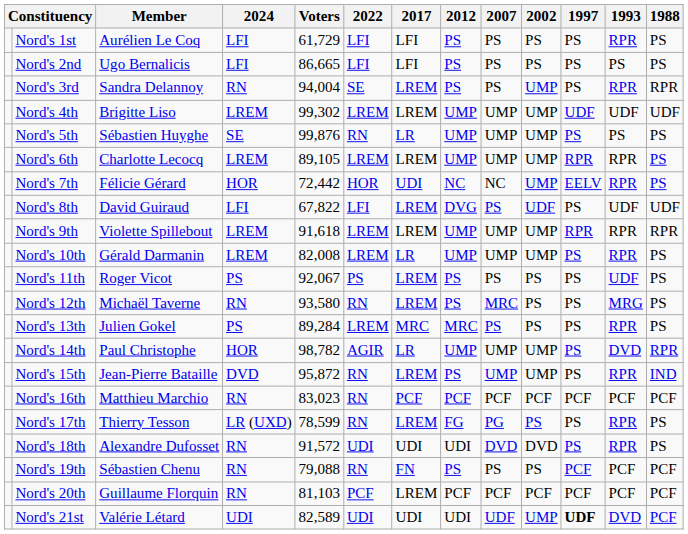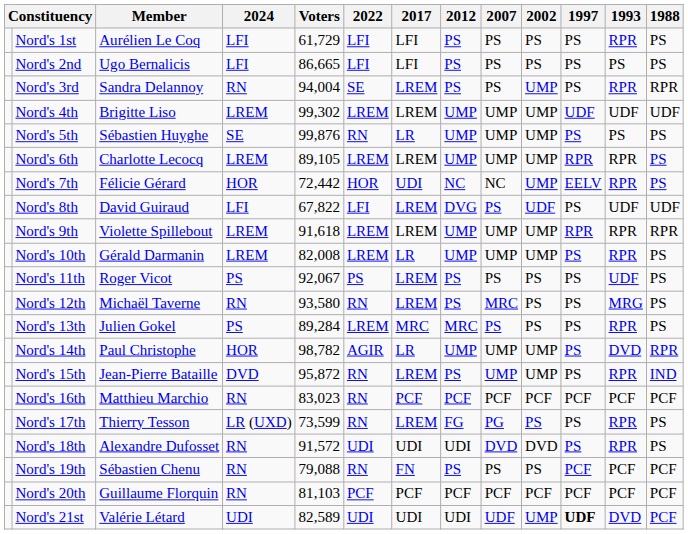 <table class="wikitable sortable">
 <tr>
 <th colspan="2">Constituency</th>
 <th>Member</th>
 <th>2024</th>
 <th>Voters</th>
 <th>2022</th>
 <th>2017</th>
 <th>2012</th>
 <th>2007</th>
 <th>2002</th>
 <th>1997</th>
 <th>1993</th>
 <th>1988</th>
 </tr>
 <tr>
 <td style="background-color: "></td>
 <td><a href='#'>Nord's 1st</a></td>
 <td><a href='#'>Aurélien Le Coq</a></td>
 <td><a href='#'>LFI</a></td>
 <td>61,729</td>
 <td><a href='#'>LFI</a></td>
 <td>LFI</td>
 <td><a href='#'>PS</a></td>
 <td>PS</td>
 <td>PS</td>
 <td>PS</td>
 <td><a href='#'>RPR</a></td>
 <td>PS</td>
 </tr>
 <tr>
 <td style="background-color: "></td>
 <td><a href='#'>Nord's 2nd</a></td>
 <td><a href='#'>Ugo Bernalicis</a></td>
 <td><a href='#'>LFI</a></td>
 <td>86,665</td>
 <td><a href='#'>LFI</a></td>
 <td>LFI</td>
 <td><a href='#'>PS</a></td>
 <td>PS</td>
 <td>PS</td>
 <td>PS</td>
 <td>PS</td>
 <td>PS</td>
 </tr>
 <tr>
 <td style="background-color: "></td>
 <td><a href='#'>Nord's 3rd</a></td>
 <td><a href='#'>Sandra Delannoy</a></td>
 <td><a href='#'>RN</a></td>
 <td>94,004</td>
 <td><a href='#'>SE</a></td>
 <td><a href='#'>LREM</a></td>
 <td><a href='#'>PS</a></td>
 <td>PS</td>
 <td><a href='#'>UMP</a></td>
 <td>PS</td>
 <td><a href='#'>RPR</a></td>
 <td>RPR</td>
 </tr>
 <tr>
 <td style="background-color: "></td>
 <td><a href='#'>Nord's 4th</a></td>
 <td><a href='#'>Brigitte Liso</a></td>
 <td><a href='#'>LREM</a></td>
 <td>99,302</td>
 <td><a href='#'>LREM</a></td>
 <td>LREM</td>
 <td><a href='#'>UMP</a></td>
 <td>UMP</td>
 <td>UMP</td>
 <td><a href='#'>UDF</a></td>
 <td>UDF</td>
 <td>UDF</td>
 </tr>
 <tr>
 <td style="background-color: "></td>
 <td><a href='#'>Nord's 5th</a></td>
 <td><a href='#'>Sébastien Huyghe</a></td>
 <td><a href='#'>SE</a></td>
 <td>99,876</td>
 <td><a href='#'>RN</a></td>
 <td><a href='#'>LR</a></td>
 <td><a href='#'>UMP</a></td>
 <td>UMP</td>
 <td>UMP</td>
 <td><a href='#'>PS</a></td>
 <td>PS</td>
 <td>PS</td>
 </tr>
 <tr>
 <td style="background-color: "></td>
 <td><a href='#'>Nord's 6th</a></td>
 <td><a href='#'>Charlotte Lecocq</a></td>
 <td><a href='#'>LREM</a></td>
 <td>89,105</td>
 <td><a href='#'>LREM</a></td>
 <td>LREM</td>
 <td><a href='#'>UMP</a></td>
 <td>UMP</td>
 <td>UMP</td>
 <td><a href='#'>RPR</a></td>
 <td>RPR</td>
 <td><a href='#'>PS</a></td>
 </tr>
 <tr>
 <td style="background-color: "></td>
 <td><a href='#'>Nord's 7th</a></td>
 <td><a href='#'>Félicie Gérard</a></td>
 <td><a href='#'>HOR</a></td>
 <td>72,442</td>
 <td><a href='#'>HOR</a></td>
 <td><a href='#'>UDI</a></td>
 <td><a href='#'>NC</a></td>
 <td>NC</td>
 <td><a href='#'>UMP</a></td>
 <td><a href='#'>EELV</a></td>
 <td><a href='#'>RPR</a></td>
 <td><a href='#'>PS</a></td>
 </tr>
 <tr>
 <td style="background-color: "></td>
 <td><a href='#'>Nord's 8th</a></td>
 <td><a href='#'>David Guiraud</a></td>
 <td><a href='#'>LFI</a></td>
 <td>67,822</td>
 <td><a href='#'>LFI</a></td>
 <td><a href='#'>LREM</a></td>
 <td><a href='#'>DVG</a></td>
 <td><a href='#'>PS</a></td>
 <td><a href='#'>UDF</a></td>
 <td>PS</td>
 <td>UDF</td>
 <td>UDF</td>
 </tr>
 <tr>
 <td style="background-color: "></td>
 <td><a href='#'>Nord's 9th</a></td>
 <td><a href='#'>Violette Spillebout</a></td>
 <td><a href='#'>LREM</a></td>
 <td>91,618</td>
 <td><a href='#'>LREM</a></td>
 <td>LREM</td>
 <td><a href='#'>UMP</a></td>
 <td>UMP</td>
 <td>UMP</td>
 <td><a href='#'>RPR</a></td>
 <td>RPR</td>
 <td>RPR</td>
 </tr>
 <tr>
 <td style="background-color: "></td>
 <td><a href='#'>Nord's 10th</a></td>
 <td><a href='#'>Gérald Darmanin</a></td>
 <td><a href='#'>LREM</a></td>
 <td>82,008</td>
 <td><a href='#'>LREM</a></td>
 <td><a href='#'>LR</a></td>
 <td><a href='#'>UMP</a></td>
 <td>UMP</td>
 <td>UMP</td>
 <td><a href='#'>PS</a></td>
 <td><a href='#'>RPR</a></td>
 <td>PS</td>
 </tr>
 <tr>
 <td style="background-color: "></td>
 <td><a href='#'>Nord's 11th</a></td>
 <td><a href='#'>Roger Vicot</a></td>
 <td><a href='#'>PS</a></td>
 <td>92,067</td>
 <td><a href='#'>PS</a></td>
 <td><a href='#'>LREM</a></td>
 <td><a href='#'>PS</a></td>
 <td>PS</td>
 <td>PS</td>
 <td>PS</td>
 <td><a href='#'>UDF</a></td>
 <td>PS</td>
 </tr>
 <tr>
 <td style="background-color: "></td>
 <td><a href='#'>Nord's 12th</a></td>
 <td><a href='#'>Michaël Taverne</a></td>
 <td><a href='#'>RN</a></td>
 <td>93,580</td>
 <td><a href='#'>RN</a></td>
 <td><a href='#'>LREM</a></td>
 <td><a href='#'>PS</a></td>
 <td><a href='#'>MRC</a></td>
 <td>PS</td>
 <td>PS</td>
 <td><a href='#'>MRG</a></td>
 <td>PS</td>
 </tr>
 <tr>
 <td style="background-color: "></td>
 <td><a href='#'>Nord's 13th</a></td>
 <td><a href='#'>Julien Gokel</a></td>
 <td><a href='#'>PS</a></td>
 <td>89,284</td>
 <td><a href='#'>LREM</a></td>
 <td><a href='#'>MRC</a></td>
 <td><a href='#'>MRC</a></td>
 <td><a href='#'>PS</a></td>
 <td>PS</td>
 <td>PS</td>
 <td><a href='#'>RPR</a></td>
 <td>PS</td>
 </tr>
 <tr>
 <td style="background-color: "></td>
 <td><a href='#'>Nord's 14th</a></td>
 <td><a href='#'>Paul Christophe</a></td>
 <td><a href='#'>HOR</a></td>
 <td>98,782</td>
 <td><a href='#'>AGIR</a></td>
 <td><a href='#'>LR</a></td>
 <td><a href='#'>UMP</a></td>
 <td>UMP</td>
 <td>UMP</td>
 <td><a href='#'>PS</a></td>
 <td><a href='#'>DVD</a></td>
 <td><a href='#'>RPR</a></td>
 </tr>
 <tr>
 <td style="background-color: "></td>
 <td><a href='#'>Nord's 15th</a></td>
 <td><a href='#'>Jean-Pierre Bataille</a></td>
 <td><a href='#'>DVD</a></td>
 <td>95,872</td>
 <td><a href='#'>RN</a></td>
 <td><a href='#'>LREM</a></td>
 <td><a href='#'>PS</a></td>
 <td><a href='#'>UMP</a></td>
 <td>UMP</td>
 <td>PS</td>
 <td><a href='#'>RPR</a></td>
 <td><a href='#'>IND</a></td>
 </tr>
 <tr>
 <td style="background-color: "></td>
 <td><a href='#'>Nord's 16th</a></td>
 <td><a href='#'>Matthieu Marchio</a></td>
 <td><a href='#'>RN</a></td>
 <td>83,023</td>
 <td><a href='#'>RN</a></td>
 <td><a href='#'>PCF</a></td>
 <td><a href='#'>PCF</a></td>
 <td>PCF</td>
 <td>PCF</td>
 <td>PCF</td>
 <td>PCF</td>
 <td>PCF</td>
 </tr>
 <tr>
 <td style="background-color: "></td>
 <td><a href='#'>Nord's 17th</a></td>
 <td><a href='#'>Thierry Tesson</a></td>
 <td><a href='#'>LR</a> (<a href='#'>UXD</a>)</td>
-<td>78,599</td>
+<td>73,599</td>
 <td><a href='#'>RN</a></td>
 <td><a href='#'>LREM</a></td>
 <td><a href='#'>FG</a></td>
 <td><a href='#'>PG</a></td>
 <td><a href='#'>PS</a></td>
 <td>PS</td>
 <td><a href='#'>RPR</a></td>
 <td>PS</td>
 </tr>
 <tr>
 <td style="background-color: "></td>
 <td><a href='#'>Nord's 18th</a></td>
 <td><a href='#'>Alexandre Dufosset</a></td>
 <td><a href='#'>RN</a></td>
 <td>91,572</td>
 <td><a href='#'>UDI</a></td>
 <td>UDI</td>
 <td>UDI</td>
 <td><a href='#'>DVD</a></td>
 <td>DVD</td>
 <td><a href='#'>PS</a></td>
 <td><a href='#'>RPR</a></td>
 <td>PS</td>
 </tr>
 <tr>
 <td style="background-color: "></td>
 <td><a href='#'>Nord's 19th</a></td>
 <td><a href='#'>Sébastien Chenu</a></td>
 <td><a href='#'>RN</a></td>
 <td>79,088</td>
 <td><a href='#'>RN</a></td>
 <td><a href='#'>FN</a></td>
 <td><a href='#'>PS</a></td>
 <td>PS</td>
 <td>PS</td>
 <td><a href='#'>PCF</a></td>
 <td>PCF</td>
 <td>PCF</td>
 </tr>
 <tr>
 <td style="background-color: "></td>
 <td><a href='#'>Nord's 20th</a></td>
 <td><a href='#'>Guillaume Florquin</a></td>
 <td><a href='#'>RN</a></td>
 <td>81,103</td>
 <td><a href='#'>PCF</a></td>
-<td>LREM</td>
+<td>PCF</td>
 <td>PCF</td>
 <td>PCF</td>
 <td>PCF</td>
 <td>PCF</td>
 <td>PCF</td>
 <td>PCF</td>
 </tr>
 <tr>
 <td style="background-color: "></td>
 <td><a href='#'>Nord's 21st</a></td>
 <td><a href='#'>Valérie Létard</a></td>
 <td><a href='#'>UDI</a></td>
 <td>82,589</td>
 <td><a href='#'>UDI</a></td>
 <td>UDI</td>
 <td>UDI</td>
 <td><a href='#'>UDF</a></td>
 <td><a href='#'>UMP</a></td>
 <td><strong>UDF</strong></td>
 <td><a href='#'>DVD</a></td>
 <td><a href='#'>PCF</a></td>
 </tr>
 </table>
